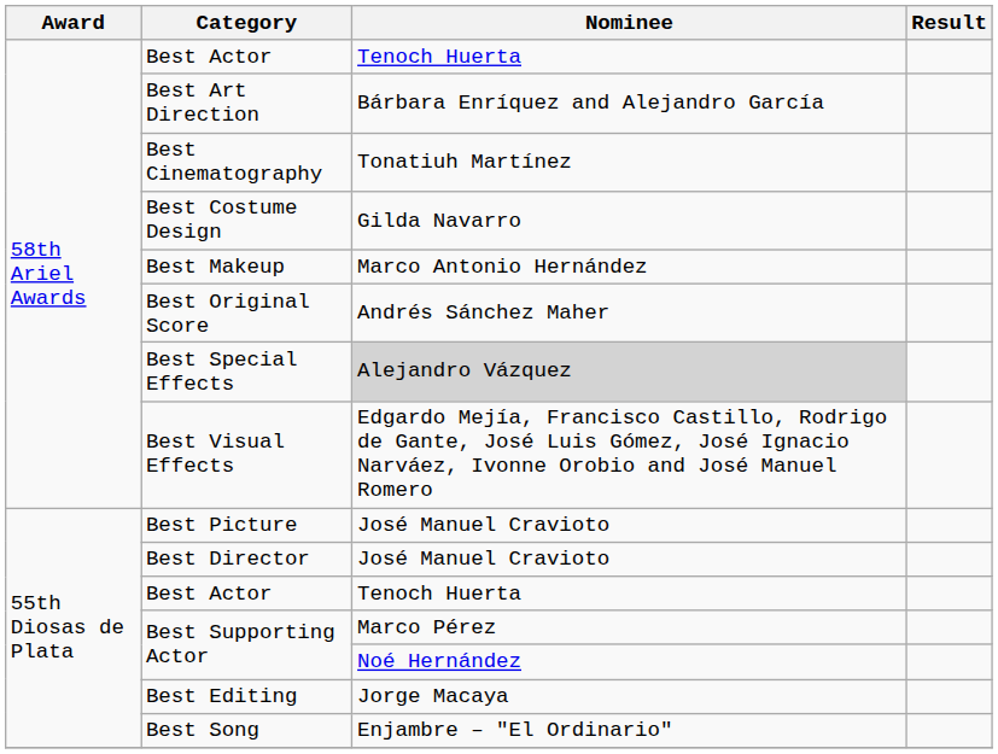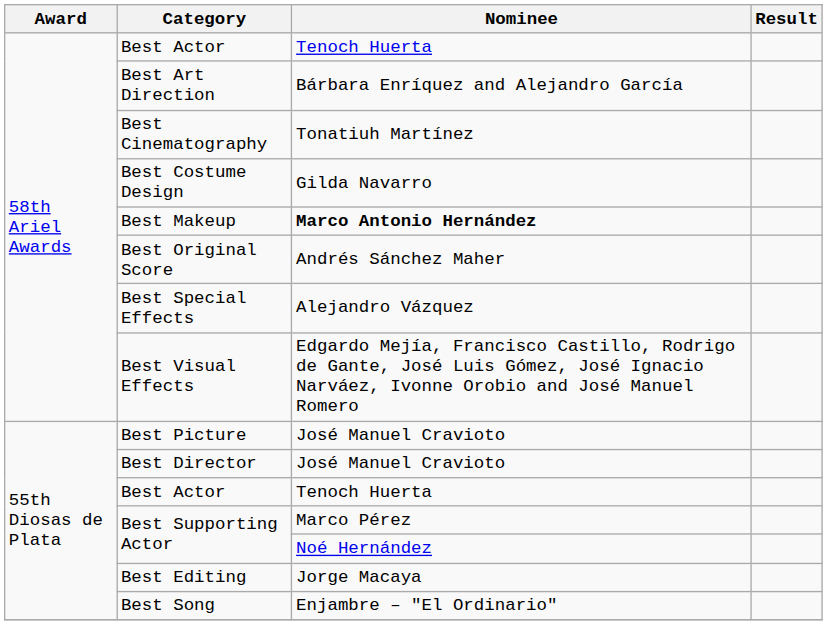 <table class="wikitable">
 <tr>
 <th>Award</th>
 <th>Category</th>
 <th>Nominee</th>
 <th>Result</th>
 </tr>
 <tr>
 <td rowspan=8><a href='#'>58th Ariel Awards</a></td>
 <td>Best Actor</td>
 <td><a href='#'>Tenoch Huerta</a></td>
 <td></td>
 </tr>
 <tr>
 <td>Best Art Direction</td>
 <td>Bárbara Enríquez and Alejandro García</td>
 <td></td>
 </tr>
 <tr>
 <td>Best Cinematography</td>
 <td>Tonatiuh Martínez</td>
 <td></td>
 </tr>
 <tr>
 <td>Best Costume Design</td>
 <td>Gilda Navarro</td>
 <td></td>
 </tr>
 <tr>
 <td>Best Makeup</td>
-<td>Marco Antonio Hernández</td>
+<td><strong>Marco Antonio Hernández</strong></td>
 <td></td>
 </tr>
 <tr>
 <td>Best Original Score</td>
 <td>Andrés Sánchez Maher</td>
 <td></td>
 </tr>
 <tr>
 <td>Best Special Effects</td>
-<td style="background: lightgrey;">Alejandro Vázquez</td>
+<td>Alejandro Vázquez</td>
 <td></td>
 </tr>
 <tr>
 <td>Best Visual Effects</td>
 <td>Edgardo Mejía, Francisco Castillo, Rodrigo de Gante, José Luis Gómez, José Ignacio Narváez, Ivonne Orobio and José Manuel Romero</td>
 <td></td>
 </tr>
 <tr>
 <td rowspan=7>55th Diosas de Plata</td>
 <td>Best Picture</td>
 <td>José Manuel Cravioto</td>
 <td></td>
 </tr>
 <tr>
 <td>Best Director</td>
 <td>José Manuel Cravioto</td>
 <td></td>
 </tr>
 <tr>
 <td>Best Actor</td>
 <td>Tenoch Huerta</td>
 <td></td>
 </tr>
 <tr>
 <td rowspan=2>Best Supporting Actor</td>
 <td>Marco Pérez</td>
 <td></td>
 </tr>
 <tr>
 <td><a href='#'>Noé Hernández</a></td>
 <td></td>
 </tr>
 <tr>
 <td>Best Editing</td>
 <td>Jorge Macaya</td>
 <td></td>
 </tr>
 <tr>
 <td>Best Song</td>
 <td>Enjambre – "El Ordinario"</td>
 <td></td>
 </tr>
 <tr>
 </tr>
 </table>
